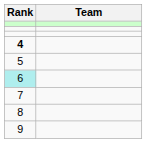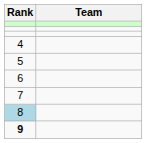 <table class=wikitable style="text-align:center">
 <tr>
 <th width=40>Rank</th>
 <th width=150>Team</th>
 </tr>
 <tr bgcolor=ccffcc>
 <td></td>
 <td align=left></td>
 </tr>
 <tr>
 <td></td>
 <td align=left></td>
 </tr>
 <tr>
 <td></td>
 <td align=left></td>
 </tr>
 <tr>
-<td><strong>4</strong></td>
+<td>4</td>
 <td align=left></td>
 </tr>
 <tr>
 <td>5</td>
 <td align=left></td>
 </tr>
 <tr>
-<td style="background: paleturquoise;">6</td>
+<td>6</td>
 <td align=left></td>
 </tr>
 <tr>
 <td>7</td>
 <td align=left></td>
 </tr>
 <tr>
-<td>8</td>
+<td style="background: lightblue;">8</td>
 <td align=left></td>
 </tr>
 <tr>
-<td>9</td>
+<td><strong>9</strong></td>
 <td align=left></td>
 </tr>
 </table>
